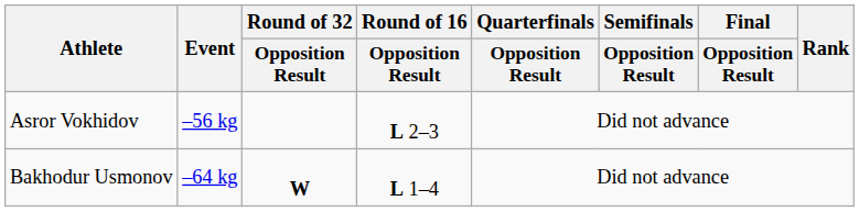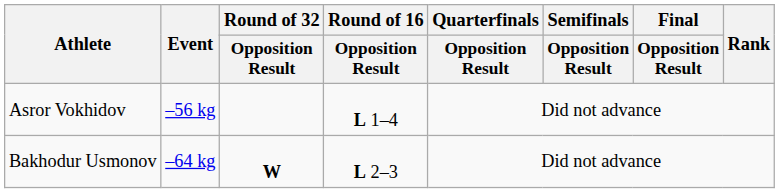 <table class=wikitable style=font-size:90%;text-align:center>
 <tr>
 <th rowspan="2">Athlete</th>
 <th rowspan="2">Event</th>
 <th>Round of 32</th>
 <th>Round of 16</th>
 <th>Quarterfinals</th>
 <th>Semifinals</th>
 <th>Final</th>
 <th rowspan=2>Rank</th>
 </tr>
 <tr style="font-size:95%">
 <th>Opposition<br>Result</th>
 <th>Opposition<br>Result</th>
 <th>Opposition<br>Result</th>
 <th>Opposition<br>Result</th>
 <th>Opposition<br>Result</th>
 </tr>
 <tr>
 <td align=left>Asror Vokhidov</td>
 <td align=left><a href='#'>–56 kg</a></td>
 <td></td>
-<td><br><strong>L</strong> 2–3</td>
+<td><br><strong>L</strong> 1–4</td>
 <td colspan=4>Did not advance</td>
 </tr>
 <tr>
 <td align=left>Bakhodur Usmonov</td>
 <td align=left><a href='#'>–64 kg</a></td>
 <td><br><strong>W</strong> </td>
-<td><br><strong>L</strong> 1–4</td>
+<td><br><strong>L</strong> 2–3</td>
 <td colspan=4>Did not advance</td>
 </tr>
 </table>
